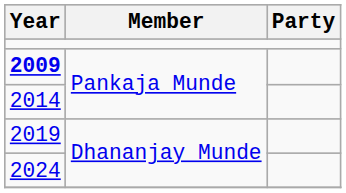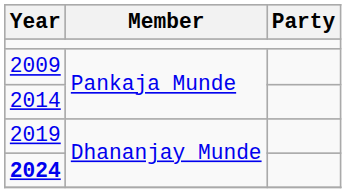 <table class="wikitable">
 <tr>
 <th>Year</th>
 <th>Member</th>
 <th colspan="2">Party</th>
 </tr>
 <tr>
 <td colspan="5"></td>
 </tr>
 <tr>
-<td><strong><a href='#'>2009</a></strong></td>
+<td><a href='#'>2009</a></td>
 <td rowspan="2"><a href='#'>Pankaja Munde</a></td>
 <td></td>
 </tr>
 <tr>
 <td><a href='#'>2014</a></td>
 </tr>
 <tr>
 <td><a href='#'>2019</a></td>
 <td Rowspan=2><a href='#'>Dhananjay Munde</a></td>
 <td></td>
 </tr>
 <tr>
-<td><a href='#'>2024</a></td>
+<td><strong><a href='#'>2024</a></strong></td>
 <td></td>
 </tr>
 <tr>
 </tr>
 </table>
